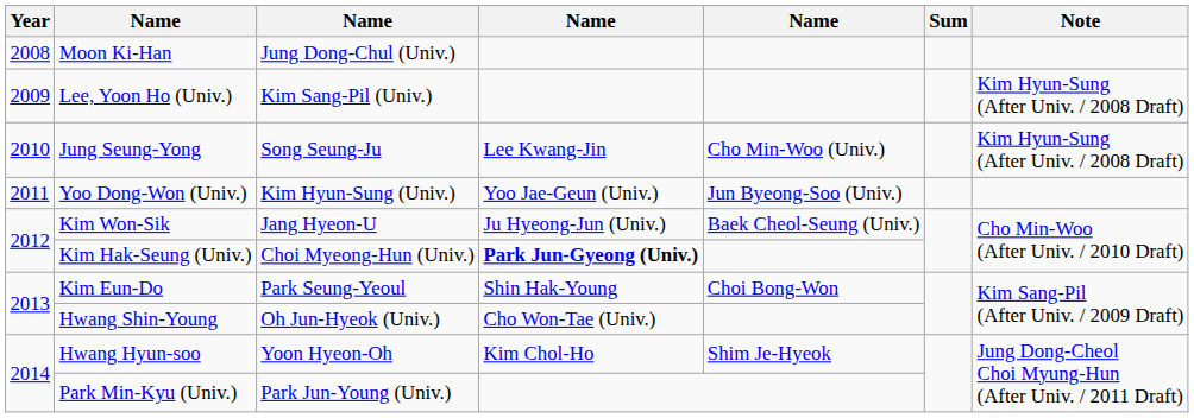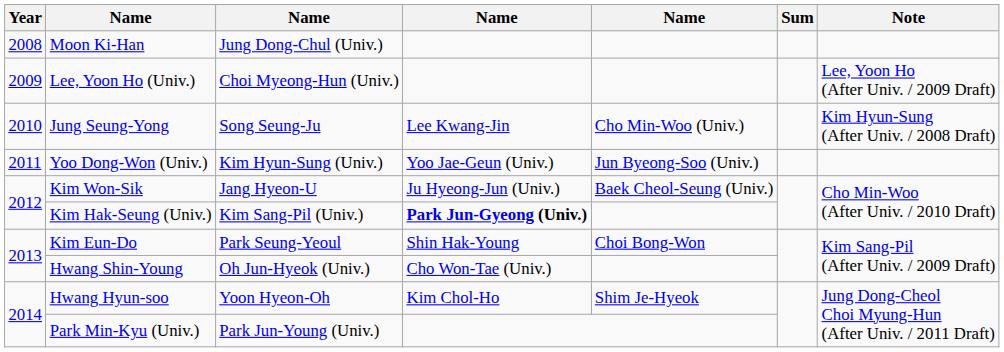 <table class="wikitable" style="text-left: center; font-size:100%;">
 <tr>
 <th>Year</th>
 <th>Name</th>
 <th>Name</th>
 <th>Name</th>
 <th>Name</th>
 <th>Sum</th>
 <th>Note</th>
 </tr>
 <tr>
 <td><a href='#'>2008</a></td>
 <td> <a href='#'>Moon Ki-Han</a></td>
 <td> <a href='#'>Jung Dong-Chul</a> (Univ.)</td>
 <td></td>
 <td></td>
 <td></td>
 <td></td>
 </tr>
 <tr>
 <td><a href='#'>2009</a></td>
 <td> <a href='#'>Lee, Yoon Ho</a> (Univ.)</td>
-<td> <a href='#'>Kim Sang-Pil</a> (Univ.)</td>
+<td> <a href='#'>Choi Myeong-Hun</a> (Univ.)</td>
 <td></td>
 <td></td>
 <td></td>
-<td> <a href='#'>Kim Hyun-Sung</a><br>(After Univ. / 2008 Draft)</td>
+<td> <a href='#'>Lee, Yoon Ho</a><br>(After Univ. / 2009 Draft)</td>
 </tr>
 <tr>
 <td><a href='#'>2010</a></td>
 <td> <a href='#'>Jung Seung-Yong</a></td>
 <td> <a href='#'>Song Seung-Ju</a></td>
 <td> <a href='#'>Lee Kwang-Jin</a></td>
 <td> <a href='#'>Cho Min-Woo</a> (Univ.)</td>
 <td></td>
 <td> <a href='#'>Kim Hyun-Sung</a><br>(After Univ. / 2008 Draft)</td>
 </tr>
 <tr>
 <td><a href='#'>2011</a></td>
 <td> <a href='#'>Yoo Dong-Won</a> (Univ.)</td>
 <td> <a href='#'>Kim Hyun-Sung</a> (Univ.)</td>
 <td> <a href='#'>Yoo Jae-Geun</a> (Univ.)</td>
 <td> <a href='#'>Jun Byeong-Soo</a> (Univ.)</td>
 <td></td>
 <td></td>
 </tr>
 <tr>
 <td rowspan="2"><a href='#'>2012</a></td>
 <td> <a href='#'>Kim Won-Sik</a></td>
 <td> <a href='#'>Jang Hyeon-U</a></td>
 <td> <a href='#'>Ju Hyeong-Jun</a> (Univ.)</td>
 <td> <a href='#'>Baek Cheol-Seung</a> (Univ.)</td>
 <td rowspan="2"></td>
 <td rowspan="2"> <a href='#'>Cho Min-Woo</a><br>(After Univ. / 2010 Draft)</td>
 </tr>
 <tr>
 <td> <a href='#'>Kim Hak-Seung</a> (Univ.)</td>
-<td> <a href='#'>Choi Myeong-Hun</a> (Univ.)</td>
+<td> <a href='#'>Kim Sang-Pil</a> (Univ.)</td>
 <td><strong> <a href='#'>Park Jun-Gyeong</a> (Univ.)</strong></td>
 <td></td>
 </tr>
 <tr>
 <td rowspan="2"><a href='#'>2013</a></td>
 <td> <a href='#'>Kim Eun-Do</a></td>
 <td> <a href='#'>Park Seung-Yeoul</a></td>
 <td> <a href='#'>Shin Hak-Young</a></td>
 <td> <a href='#'>Choi Bong-Won</a></td>
 <td rowspan="2"></td>
 <td rowspan="2"> <a href='#'>Kim Sang-Pil</a><br>(After Univ. / 2009 Draft)</td>
 </tr>
 <tr>
 <td> <a href='#'>Hwang Shin-Young</a></td>
 <td> <a href='#'>Oh Jun-Hyeok</a> (Univ.)</td>
 <td> <a href='#'>Cho Won-Tae</a> (Univ.)</td>
 <td></td>
 </tr>
 <tr>
 <td rowspan="2"><a href='#'>2014</a></td>
 <td> <a href='#'>Hwang Hyun-soo</a></td>
 <td> <a href='#'>Yoon Hyeon-Oh</a></td>
 <td> <a href='#'>Kim Chol-Ho</a></td>
 <td> <a href='#'>Shim Je-Hyeok</a></td>
 <td rowspan="2"></td>
 <td rowspan="2"> <a href='#'>Jung Dong-Cheol</a><br> <a href='#'>Choi Myung-Hun</a><br>(After Univ. / 2011 Draft)</td>
 </tr>
 <tr>
 <td> <a href='#'>Park Min-Kyu</a> (Univ.)</td>
 <td> <a href='#'>Park Jun-Young</a> (Univ.)</td>
 </tr>
 </table>
